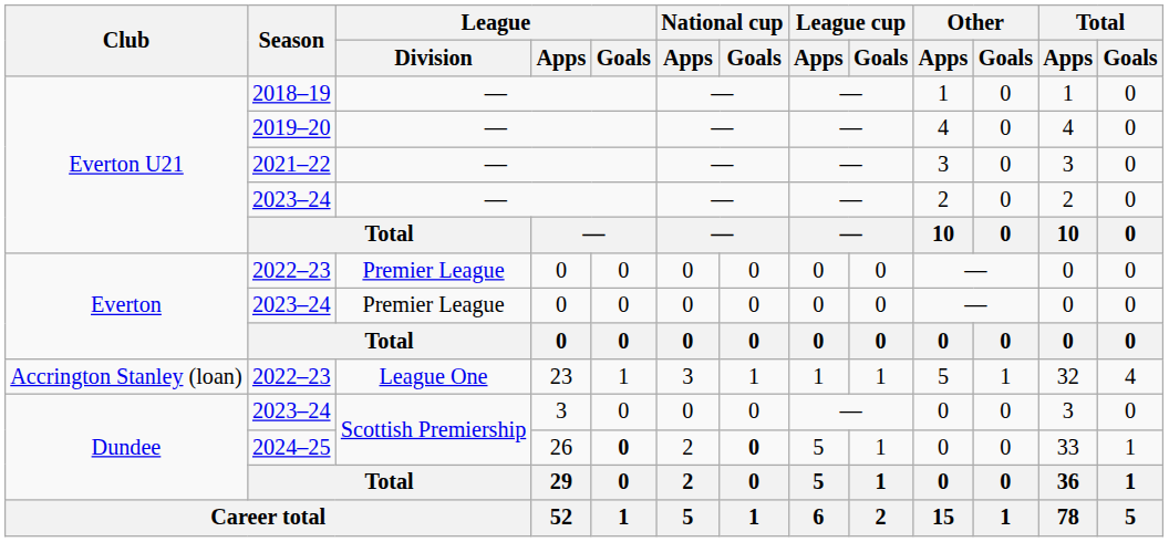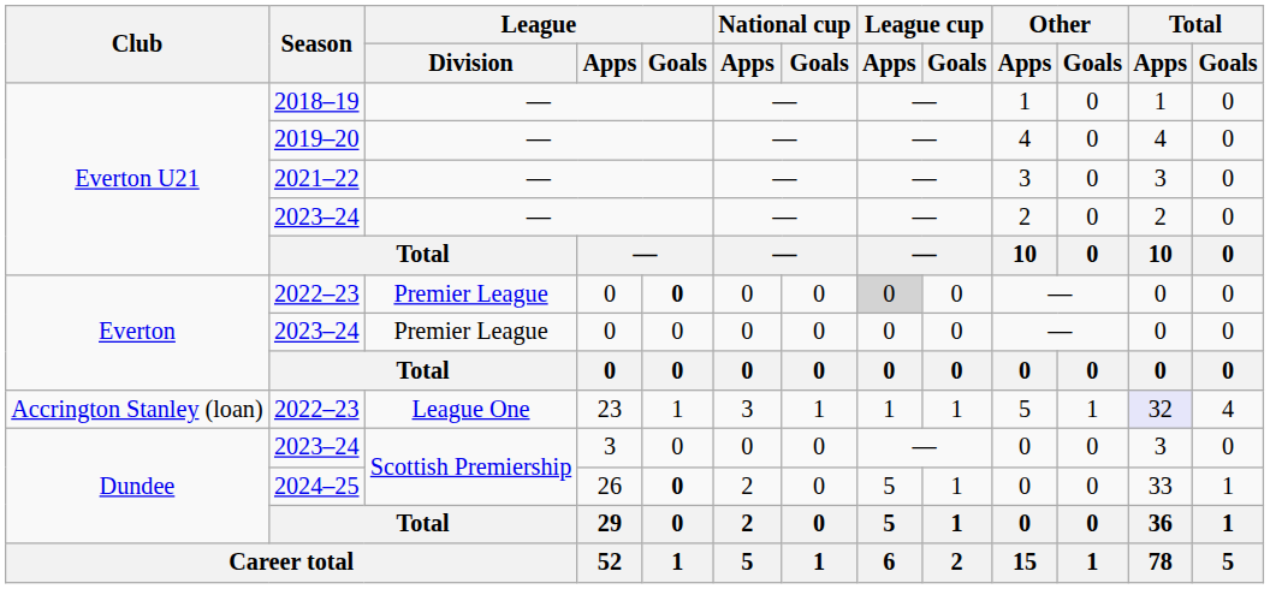 <table class="wikitable" style="text-align: center;">
 <tr>
 <th rowspan=2>Club</th>
 <th rowspan=2>Season</th>
 <th colspan=3>League</th>
 <th colspan=2>National cup</th>
 <th colspan=2>League cup</th>
 <th colspan=2>Other</th>
 <th colspan=2>Total</th>
 </tr>
 <tr>
 <th>Division</th>
 <th>Apps</th>
 <th>Goals</th>
 <th>Apps</th>
 <th>Goals</th>
 <th>Apps</th>
 <th>Goals</th>
 <th>Apps</th>
 <th>Goals</th>
 <th>Apps</th>
 <th>Goals</th>
 </tr>
 <tr>
 <td rowspan="5"><a href='#'>Everton U21</a></td>
 <td><a href='#'>2018–19</a></td>
 <td colspan="3">—</td>
 <td colspan="2">—</td>
 <td colspan="2">—</td>
 <td>1</td>
 <td>0</td>
 <td>1</td>
 <td>0</td>
 </tr>
 <tr>
 <td><a href='#'>2019–20</a></td>
 <td colspan="3">—</td>
 <td colspan="2">—</td>
 <td colspan="2">—</td>
 <td>4</td>
 <td>0</td>
 <td>4</td>
 <td>0</td>
 </tr>
 <tr>
 <td><a href='#'>2021–22</a></td>
 <td colspan="3">—</td>
 <td colspan="2">—</td>
 <td colspan="2">—</td>
 <td>3</td>
 <td>0</td>
 <td>3</td>
 <td>0</td>
 </tr>
 <tr>
 <td><a href='#'>2023–24</a></td>
 <td colspan="3">—</td>
 <td colspan="2">—</td>
 <td colspan="2">—</td>
 <td>2</td>
 <td>0</td>
 <td>2</td>
 <td>0</td>
 </tr>
 <tr>
 <th colspan="2">Total</th>
 <th colspan="2">—</th>
 <th colspan="2">—</th>
 <th colspan="2">—</th>
 <th>10</th>
 <th>0</th>
 <th>10</th>
 <th>0</th>
 </tr>
 <tr>
 <td rowspan=3><a href='#'>Everton</a></td>
 <td><a href='#'>2022–23</a></td>
 <td><a href='#'>Premier League</a></td>
 <td>0</td>
+<td><strong>0</strong></td>
 <td>0</td>
 <td>0</td>
-<td>0</td>
-<td>0</td>
+<td style="background: lightgrey;">0</td>
 <td>0</td>
 <td colspan="2">—</td>
 <td>0</td>
 <td>0</td>
 </tr>
 <tr>
 <td><a href='#'>2023–24</a></td>
 <td>Premier League</td>
 <td>0</td>
 <td>0</td>
 <td>0</td>
 <td>0</td>
 <td>0</td>
 <td>0</td>
 <td colspan="2">—</td>
 <td>0</td>
 <td>0</td>
 </tr>
 <tr>
 <th colspan="2">Total</th>
 <th>0</th>
 <th>0</th>
 <th>0</th>
 <th>0</th>
 <th>0</th>
 <th>0</th>
 <th>0</th>
 <th>0</th>
 <th>0</th>
 <th>0</th>
 </tr>
 <tr>
 <td><a href='#'>Accrington Stanley</a> (loan)</td>
 <td><a href='#'>2022–23</a></td>
 <td><a href='#'>League One</a></td>
 <td>23</td>
 <td>1</td>
 <td>3</td>
 <td>1</td>
 <td>1</td>
 <td>1</td>
 <td>5</td>
 <td>1</td>
-<td>32</td>
+<td style="background: lavender;">32</td>
 <td>4</td>
 </tr>
 <tr>
 <td rowspan=3><a href='#'>Dundee</a></td>
 <td><a href='#'>2023–24</a></td>
 <td rowspan=2><a href='#'>Scottish Premiership</a></td>
 <td>3</td>
 <td>0</td>
 <td>0</td>
 <td>0</td>
 <td colspan="2">—</td>
 <td>0</td>
 <td>0</td>
 <td>3</td>
 <td>0</td>
 </tr>
 <tr>
 <td><a href='#'>2024–25</a></td>
 <td>26</td>
 <td><strong>0</strong></td>
 <td>2</td>
-<td><strong>0</strong></td>
+<td>0</td>
 <td>5</td>
 <td>1</td>
 <td>0</td>
 <td>0</td>
 <td>33</td>
 <td>1</td>
 </tr>
 <tr>
 <th colspan="2">Total</th>
 <th>29</th>
 <th>0</th>
 <th>2</th>
 <th>0</th>
 <th>5</th>
 <th>1</th>
 <th>0</th>
 <th>0</th>
 <th>36</th>
 <th>1</th>
 </tr>
 <tr>
 <th colspan="3">Career total</th>
 <th>52</th>
 <th>1</th>
 <th>5</th>
 <th>1</th>
 <th>6</th>
 <th>2</th>
 <th>15</th>
 <th>1</th>
 <th>78</th>
 <th>5</th>
 </tr>
 </table>
